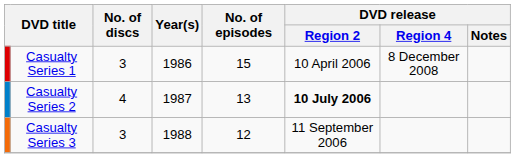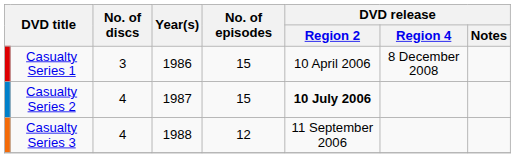 <table class="wikitable"  style="width:99%; left:0 auto; text-align:center;">
 <tr>
 <th colspan="2" rowspan="2">DVD title</th>
 <th rowspan="2">No. of discs</th>
 <th rowspan="2">Year(s)</th>
 <th rowspan="2">No. of episodes</th>
 <th colspan="3">DVD release</th>
 </tr>
 <tr>
 <th><a href='#'>Region 2</a></th>
 <th><a href='#'>Region 4</a></th>
 <th rowspan="1">Notes</th>
 </tr>
 <tr>
 <td style="background:#de0002"></td>
 <td><a href='#'>Casualty Series 1</a></td>
 <td>3</td>
 <td>1986</td>
 <td>15</td>
 <td rowspan=1>10 April 2006</td>
 <td>8 December 2008</td>
 <td></td>
 </tr>
 <tr>
 <td style="background:#0080CA;"></td>
 <td><a href='#'>Casualty Series 2</a></td>
 <td>4</td>
 <td>1987</td>
-<td>13</td>
+<td>15</td>
 <td><strong>10 July 2006</strong></td>
 <td></td>
 <td></td>
 </tr>
 <tr>
 <td style="background:#F46B08;"></td>
 <td><a href='#'>Casualty Series 3</a></td>
-<td>3</td>
+<td>4</td>
 <td>1988</td>
 <td>12</td>
 <td>11 September 2006</td>
 <td></td>
 <td></td>
 </tr>
 <tr>
 </tr>
 </table>
